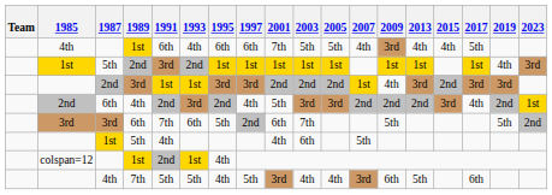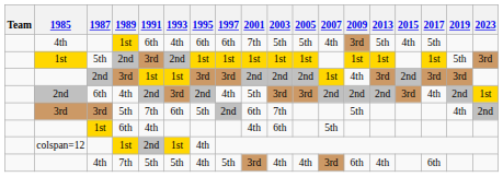 <table class="wikitable" style="text-align:center; font-size:90%">
 <tr valign=bottom>
 <th>Team</th>
 <th><br><a href='#'>1985</a></th>
 <th><br><a href='#'>1987</a></th>
 <th><br><a href='#'>1989</a></th>
 <th><br><a href='#'>1991</a></th>
 <th><br><a href='#'>1993</a></th>
 <th><br><a href='#'>1995</a></th>
 <th><br><a href='#'>1997</a></th>
 <th><br><a href='#'>2001</a></th>
 <th><br><a href='#'>2003</a></th>
 <th><br><a href='#'>2005</a></th>
 <th><br><a href='#'>2007</a></th>
 <th><br><a href='#'>2009</a></th>
 <th><br><a href='#'>2013</a></th>
 <th><br><a href='#'>2015</a></th>
 <th><br><a href='#'>2017</a></th>
 <th><br><a href='#'>2019</a></th>
 <th><br><a href='#'>2023</a></th>
 </tr>
 <tr>
 <td align=left></td>
 <td>4th</td>
 <td></td>
 <td bgcolor=gold>1st</td>
 <td>6th</td>
 <td>4th</td>
 <td>6th</td>
 <td>6th</td>
 <td>7th</td>
 <td>5th</td>
 <td>5th</td>
 <td>4th</td>
 <td bgcolor=#cc9966>3rd</td>
-<td>4th</td>
+<td>5th</td>
 <td>4th</td>
 <td>5th</td>
 <td></td>
 <td></td>
 </tr>
 <tr>
 <td align=left></td>
 <td bgcolor=gold>1st</td>
 <td>5th</td>
 <td bgcolor=silver>2nd</td>
 <td bgcolor=#cc9966>3rd</td>
 <td bgcolor=silver>2nd</td>
 <td bgcolor=gold>1st</td>
 <td bgcolor=gold>1st</td>
 <td bgcolor=gold>1st</td>
 <td bgcolor=gold>1st</td>
 <td bgcolor=gold>1st</td>
 <td></td>
 <td bgcolor=gold>1st</td>
 <td bgcolor=gold>1st</td>
 <td></td>
 <td bgcolor=gold>1st</td>
-<td>4th</td>
+<td>5th</td>
 <td bgcolor=#cc9966>3rd</td>
 </tr>
 <tr>
 <td align=left></td>
 <td></td>
 <td bgcolor=silver>2nd</td>
 <td bgcolor=#cc9966>3rd</td>
 <td bgcolor=gold>1st</td>
 <td bgcolor=gold>1st</td>
 <td bgcolor=#cc9966>3rd</td>
 <td bgcolor=#cc9966>3rd</td>
 <td bgcolor=silver>2nd</td>
 <td bgcolor=silver>2nd</td>
 <td bgcolor=silver>2nd</td>
 <td bgcolor=gold>1st</td>
 <td>4th</td>
 <td bgcolor=#cc9966>3rd</td>
 <td bgcolor=silver>2nd</td>
 <td bgcolor=#cc9966>3rd</td>
 <td bgcolor=#cc9966>3rd</td>
 <td></td>
 </tr>
 <tr>
 <td align=left></td>
 <td bgcolor=silver>2nd</td>
 <td>6th</td>
 <td>4th</td>
 <td bgcolor=silver>2nd</td>
 <td bgcolor=#cc9966>3rd</td>
 <td bgcolor=silver>2nd</td>
 <td>4th</td>
 <td>5th</td>
 <td bgcolor=#cc9966>3rd</td>
 <td bgcolor=#cc9966>3rd</td>
 <td bgcolor=silver>2nd</td>
 <td bgcolor=silver>2nd</td>
 <td bgcolor=silver>2nd</td>
 <td bgcolor=#cc9966>3rd</td>
 <td>4th</td>
 <td bgcolor=silver>2nd</td>
 <td bgcolor=gold>1st</td>
 </tr>
 <tr>
 <td align=left></td>
 <td bgcolor=#cc9966>3rd</td>
 <td bgcolor=#cc9966>3rd</td>
-<td>6th</td>
+<td>5th</td>
 <td>7th</td>
 <td>6th</td>
 <td>5th</td>
 <td bgcolor=silver>2nd</td>
 <td>6th</td>
 <td>7th</td>
 <td></td>
 <td></td>
 <td>5th</td>
 <td></td>
 <td></td>
 <td></td>
-<td>5th</td>
+<td>4th</td>
 <td bgcolor=silver>2nd</td>
 </tr>
 <tr>
 <td align=left></td>
 <td></td>
 <td bgcolor=gold>1st</td>
-<td>5th</td>
+<td>6th</td>
 <td>4th</td>
 <td></td>
 <td></td>
 <td></td>
 <td>4th</td>
 <td>6th</td>
 <td></td>
 <td>5th</td>
 <td></td>
 <td></td>
 <td></td>
 <td></td>
 <td></td>
 <td></td>
 </tr>
 <tr>
 <td align=left></td>
 <td>colspan=12 </td>
 <td></td>
 <td bgcolor=gold>1st</td>
 <td bgcolor=silver>2nd</td>
 <td bgcolor=gold>1st</td>
 <td>4th</td>
 </tr>
 <tr>
 <td align=left></td>
 <td></td>
 <td>4th</td>
 <td>7th</td>
 <td>5th</td>
 <td>5th</td>
 <td>4th</td>
 <td>5th</td>
 <td bgcolor=#cc9966>3rd</td>
 <td>4th</td>
 <td>4th</td>
 <td bgcolor=#cc9966>3rd</td>
 <td>6th</td>
-<td>5th</td>
+<td>4th</td>
 <td></td>
 <td>6th</td>
 <td></td>
 <td></td>
 </tr>
 </table>
